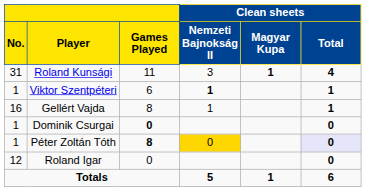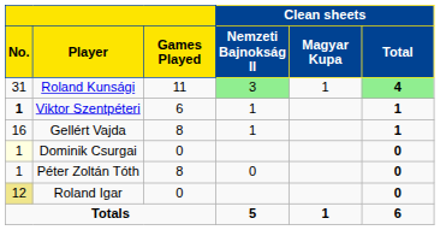 <table class="wikitable sortable alternance" style="text-align:center">
 <tr>
 <th colspan="3" style="background:#FDE500;border:1px solid #004292"></th>
 <th colspan="4" style="background:#004292;color:white;border:1px solid #FDE500">Clean sheets</th>
 </tr>
 <tr>
 <th style="background-color:#FDE500;color:black;border:1px solid #004292">No.</th>
 <th style="background-color:#FDE500;color:black;border:1px solid #004292">Player</th>
 <th width=80 style="background-color:#FDE500;color:black;border:1px solid #004292">Games Played</th>
 <th width=80 style="background-color:#004292;color:white;border:1px solid #FDE500">Nemzeti Bajnokság II</th>
 <th width=80 style="background-color:#004292;color:white;border:1px solid #FDE500">Magyar Kupa</th>
 <th width=80 style="background-color:#004292;color:white;border:1px solid #FDE500">Total</th>
 </tr>
 <tr>
 <td>31</td>
 <td> <a href='#'>Roland Kunsági</a></td>
 <td>11</td>
-<td>3</td>
-<td><strong>1</strong></td>
-<td><strong>4</strong></td>
+<td style="background: lightgreen;">3</td>
+<td>1</td>
+<td style="background: lightgreen;"><strong>4</strong></td>
 </tr>
 <tr>
-<td>1</td>
+<td><strong>1</strong></td>
 <td> <a href='#'>Viktor Szentpéteri</a></td>
 <td>6</td>
-<td><strong>1</strong></td>
+<td>1</td>
 <td></td>
 <td><strong>1</strong></td>
 </tr>
 <tr>
 <td>16</td>
 <td> Gellért Vajda</td>
 <td>8</td>
 <td>1</td>
 <td></td>
 <td><strong>1</strong></td>
 </tr>
 <tr>
-<td>1</td>
+<td style="background: lightyellow;">1</td>
 <td> Dominik Csurgai</td>
-<td><strong>0</strong></td>
+<td>0</td>
 <td></td>
 <td></td>
 <td><strong>0</strong></td>
 </tr>
 <tr>
 <td>1</td>
 <td> Péter Zoltán Tóth</td>
-<td><strong>8</strong></td>
-<td style="background: gold;">0</td>
+<td>8</td>
+<td>0</td>
 <td></td>
-<td style="background: lavender;"><strong>0</strong></td>
+<td><strong>0</strong></td>
 </tr>
 <tr>
-<td>12</td>
+<td style="background: khaki;">12</td>
 <td> Roland Igar</td>
 <td>0</td>
 <td></td>
 <td></td>
 <td><strong>0</strong></td>
 </tr>
 <tr class="sortbottom">
 <td colspan="3"><strong>Totals</strong></td>
 <td><strong>5</strong></td>
 <td><strong>1</strong></td>
 <td><strong>6</strong></td>
 </tr>
 </table>
